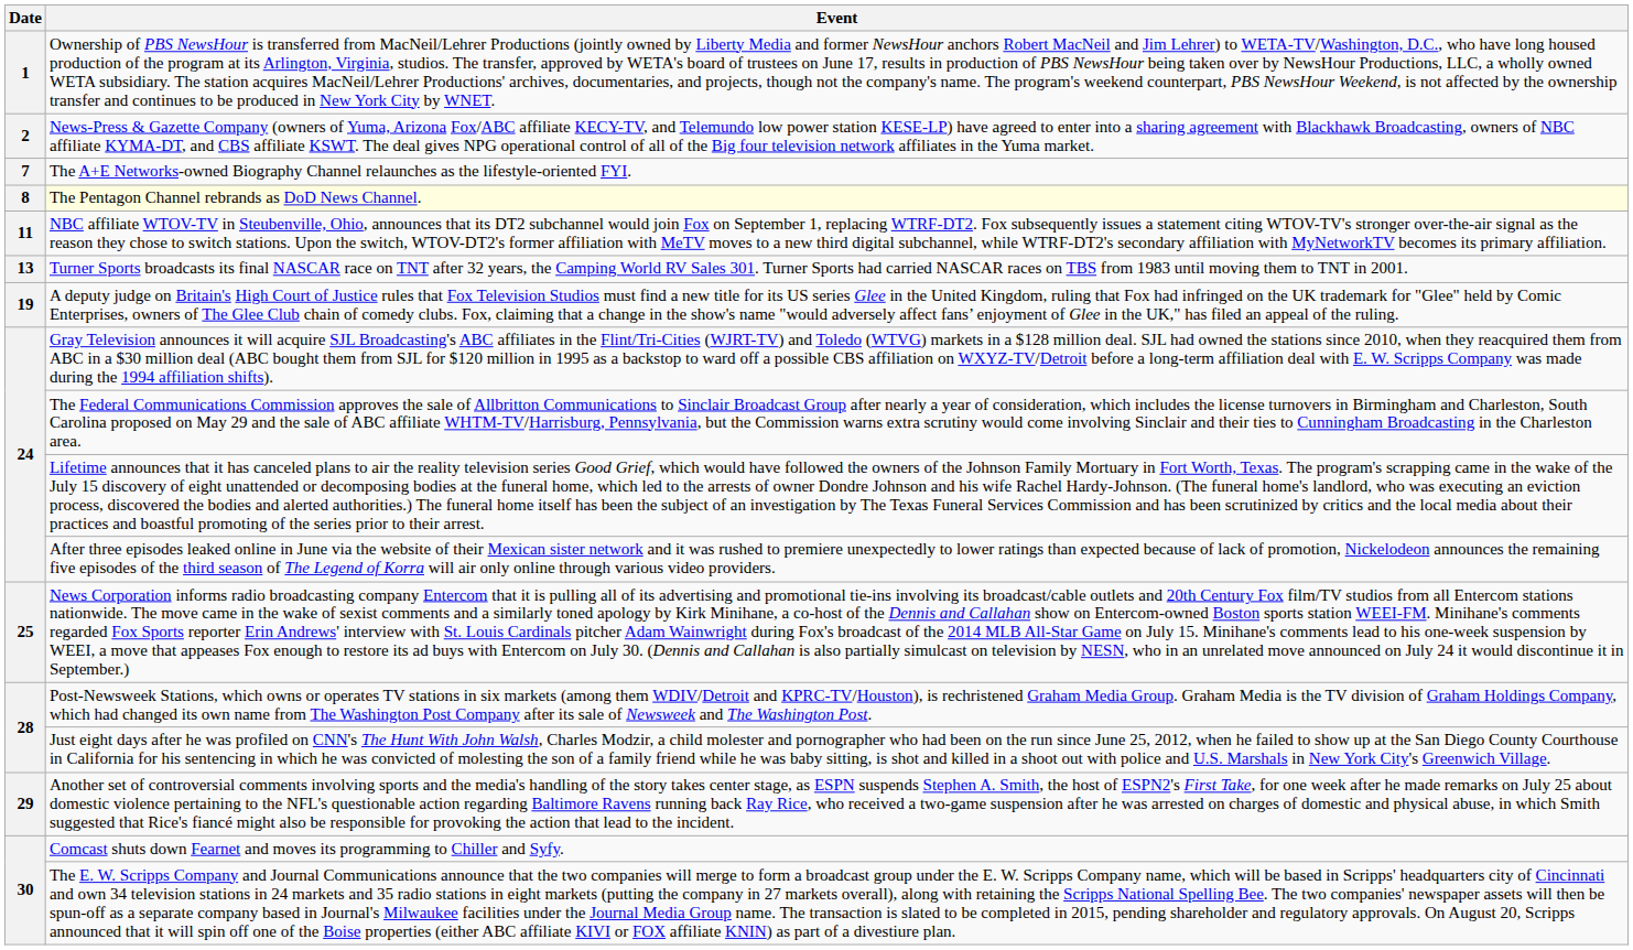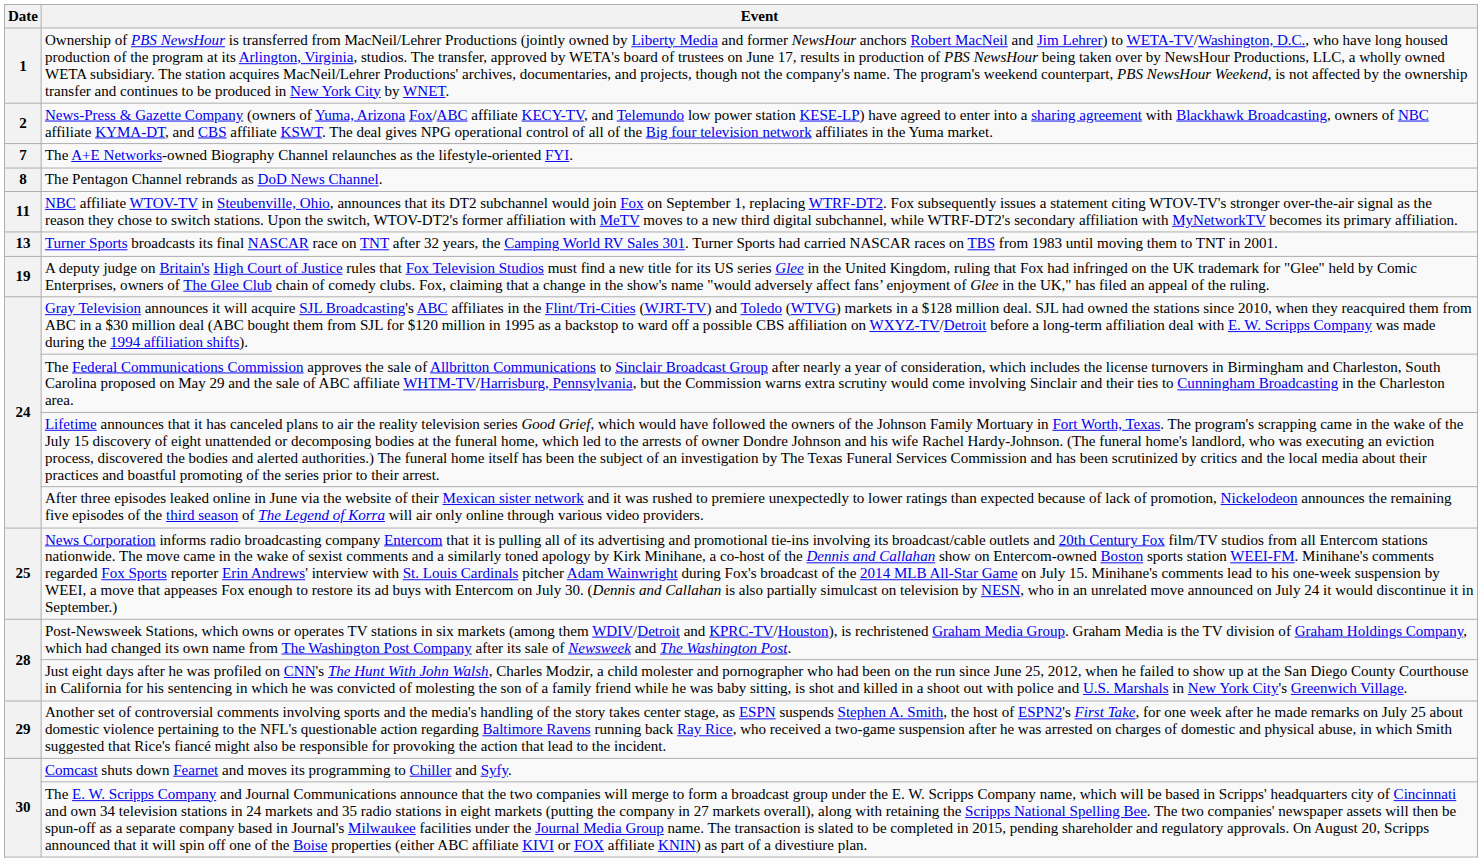 <table class="wikitable">
 <tr>
 <th>Date</th>
 <th>Event</th>
 </tr>
 <tr>
 <th>1</th>
 <td>Ownership of <em><a href='#'>PBS NewsHour</a></em> is transferred from MacNeil/Lehrer Productions (jointly owned by <a href='#'>Liberty Media</a> and former <em>NewsHour</em> anchors <a href='#'>Robert MacNeil</a> and <a href='#'>Jim Lehrer</a>) to <a href='#'>WETA-TV</a>/<a href='#'>Washington, D.C.</a>, who have long housed production of the program at its <a href='#'>Arlington, Virginia</a>, studios. The transfer, approved by WETA's board of trustees on June 17, results in production of <em>PBS NewsHour</em> being taken over by NewsHour Productions, LLC, a wholly owned WETA subsidiary. The station acquires MacNeil/Lehrer Productions' archives, documentaries, and projects, though not the company's name. The program's weekend counterpart, <em>PBS NewsHour Weekend</em>, is not affected by the ownership transfer and continues to be produced in <a href='#'>New York City</a> by <a href='#'>WNET</a>.</td>
 </tr>
 <tr>
 <th>2</th>
 <td><a href='#'>News-Press & Gazette Company</a> (owners of <a href='#'>Yuma, Arizona</a> <a href='#'>Fox</a>/<a href='#'>ABC</a> affiliate <a href='#'>KECY-TV</a>, and <a href='#'>Telemundo</a> low power station <a href='#'>KESE-LP</a>) have agreed to enter into a <a href='#'>sharing agreement</a> with <a href='#'>Blackhawk Broadcasting</a>, owners of <a href='#'>NBC</a> affiliate <a href='#'>KYMA-DT</a>, and <a href='#'>CBS</a> affiliate <a href='#'>KSWT</a>. The deal gives NPG operational control of all of the <a href='#'>Big four television network</a> affiliates in the Yuma market.</td>
 </tr>
 <tr>
 <th>7</th>
 <td>The <a href='#'>A+E Networks</a>-owned Biography Channel relaunches as the lifestyle-oriented <a href='#'>FYI</a>.</td>
 </tr>
 <tr>
 <th>8</th>
-<td style="background: lightyellow;">The Pentagon Channel rebrands as <a href='#'>DoD News Channel</a>.</td>
+<td>The Pentagon Channel rebrands as <a href='#'>DoD News Channel</a>.</td>
 </tr>
 <tr>
 <th>11</th>
 <td><a href='#'>NBC</a> affiliate <a href='#'>WTOV-TV</a> in <a href='#'>Steubenville, Ohio</a>, announces that its DT2 subchannel would join <a href='#'>Fox</a> on September 1, replacing <a href='#'>WTRF-DT2</a>. Fox subsequently issues a statement citing WTOV-TV's stronger over-the-air signal as the reason they chose to switch stations. Upon the switch, WTOV-DT2's former affiliation with <a href='#'>MeTV</a> moves to a new third digital subchannel, while WTRF-DT2's secondary affiliation with <a href='#'>MyNetworkTV</a> becomes its primary affiliation.</td>
 </tr>
 <tr>
 <th>13</th>
 <td><a href='#'>Turner Sports</a> broadcasts its final <a href='#'>NASCAR</a> race on <a href='#'>TNT</a> after 32 years, the <a href='#'>Camping World RV Sales 301</a>. Turner Sports had carried NASCAR races on <a href='#'>TBS</a> from 1983 until moving them to TNT in 2001.</td>
 </tr>
 <tr>
 <th>19</th>
 <td>A deputy judge on <a href='#'>Britain's</a> <a href='#'>High Court of Justice</a> rules that <a href='#'>Fox Television Studios</a> must find a new title for its US series <em><a href='#'>Glee</a></em> in the United Kingdom, ruling that Fox had infringed on the UK trademark for "Glee" held by Comic Enterprises, owners of <a href='#'>The Glee Club</a> chain of comedy clubs. Fox, claiming that a change in the show's name "would adversely affect fans’ enjoyment of <em>Glee</em> in the UK," has filed an appeal of the ruling.</td>
 </tr>
 <tr>
 <th rowspan=4>24</th>
 <td><a href='#'>Gray Television</a> announces it will acquire <a href='#'>SJL Broadcasting</a>'s <a href='#'>ABC</a> affiliates in the <a href='#'>Flint/Tri-Cities</a> (<a href='#'>WJRT-TV</a>) and <a href='#'>Toledo</a> (<a href='#'>WTVG</a>) markets in a $128 million deal. SJL had owned the stations since 2010, when they reacquired them from ABC in a $30 million deal (ABC bought them from SJL for $120 million in 1995 as a backstop to ward off a possible CBS affiliation on <a href='#'>WXYZ-TV</a>/<a href='#'>Detroit</a> before a long-term affiliation deal with <a href='#'>E. W. Scripps Company</a> was made during the <a href='#'>1994 affiliation shifts</a>).</td>
 </tr>
 <tr>
 <td>The <a href='#'>Federal Communications Commission</a> approves the sale of <a href='#'>Allbritton Communications</a> to <a href='#'>Sinclair Broadcast Group</a> after nearly a year of consideration, which includes the license turnovers in Birmingham and Charleston, South Carolina proposed on May 29 and the sale of ABC affiliate <a href='#'>WHTM-TV</a>/<a href='#'>Harrisburg, Pennsylvania</a>, but the Commission warns extra scrutiny would come involving Sinclair and their ties to <a href='#'>Cunningham Broadcasting</a> in the Charleston area.</td>
 </tr>
 <tr>
 <td><a href='#'>Lifetime</a> announces that it has canceled plans to air the reality television series <em>Good Grief</em>, which would have followed the owners of the Johnson Family Mortuary in <a href='#'>Fort Worth, Texas</a>. The program's scrapping came in the wake of the July 15 discovery of eight unattended or decomposing bodies at the funeral home, which led to the arrests of owner Dondre Johnson and his wife Rachel Hardy-Johnson. (The funeral home's landlord, who was executing an eviction process, discovered the bodies and alerted authorities.)  The funeral home itself has been the subject of an investigation by The Texas Funeral Services Commission and has been scrutinized by critics and the local media about their practices and boastful promoting of the series prior to their arrest.</td>
 </tr>
 <tr>
 <td>After three episodes leaked online in June via the website of their <a href='#'>Mexican sister network</a> and it was rushed to premiere unexpectedly to lower ratings than expected because of lack of promotion, <a href='#'>Nickelodeon</a> announces the remaining five episodes of the <a href='#'>third season</a> of <em><a href='#'>The Legend of Korra</a></em> will air only online through various video providers.</td>
 </tr>
 <tr>
 <th>25</th>
 <td><a href='#'>News Corporation</a> informs radio broadcasting company <a href='#'>Entercom</a> that it is pulling all of its advertising and promotional tie-ins involving its broadcast/cable outlets and <a href='#'>20th Century Fox</a> film/TV studios from all Entercom stations nationwide. The move came in the wake of sexist comments and a similarly toned apology by Kirk Minihane, a co-host of the <em><a href='#'>Dennis and Callahan</a></em> show on Entercom-owned <a href='#'>Boston</a> sports station <a href='#'>WEEI-FM</a>. Minihane's comments regarded <a href='#'>Fox Sports</a> reporter <a href='#'>Erin Andrews</a>' interview with <a href='#'>St. Louis Cardinals</a> pitcher <a href='#'>Adam Wainwright</a> during Fox's broadcast of the <a href='#'>2014 MLB All-Star Game</a> on July 15. Minihane's comments lead to his one-week suspension by WEEI, a move that appeases Fox enough to restore its ad buys with Entercom on July 30. (<em>Dennis and Callahan</em> is also partially simulcast on television by <a href='#'>NESN</a>, who in an unrelated move announced on July 24 it would discontinue it in September.)</td>
 </tr>
 <tr>
 <th rowspan=2>28</th>
 <td>Post-Newsweek Stations, which owns or operates TV stations in six markets (among them <a href='#'>WDIV</a>/<a href='#'>Detroit</a> and <a href='#'>KPRC-TV</a>/<a href='#'>Houston</a>), is rechristened <a href='#'>Graham Media Group</a>. Graham Media is the TV division of <a href='#'>Graham Holdings Company</a>, which had changed its own name from <a href='#'>The Washington Post Company</a> after its sale of <em><a href='#'>Newsweek</a></em> and <em><a href='#'>The Washington Post</a></em>.</td>
 </tr>
 <tr>
 <td>Just eight days after he was profiled on <a href='#'>CNN</a>'s <em><a href='#'>The Hunt With John Walsh</a></em>, Charles Modzir, a child molester and pornographer who had been on the run since June 25, 2012, when he failed to show up at the San Diego County Courthouse in California for his sentencing in which he was convicted of molesting the son of a family friend while he was baby sitting, is shot and killed in a shoot out with police and <a href='#'>U.S. Marshals</a> in <a href='#'>New York City</a>'s <a href='#'>Greenwich Village</a>.</td>
 </tr>
 <tr>
 <th>29</th>
 <td>Another set of controversial comments involving sports and the media's handling of the story takes center stage, as <a href='#'>ESPN</a> suspends <a href='#'>Stephen A. Smith</a>, the host of <a href='#'>ESPN2</a>'s <em><a href='#'>First Take</a></em>, for one week after he made remarks on July 25 about domestic violence pertaining to the NFL's questionable action regarding <a href='#'>Baltimore Ravens</a> running back <a href='#'>Ray Rice</a>, who received a two-game suspension after he was arrested on charges of domestic and physical abuse, in which Smith suggested that Rice's fiancé might also be responsible for provoking the action that lead to the incident.</td>
 </tr>
 <tr>
 <th rowspan=2>30</th>
 <td><a href='#'>Comcast</a> shuts down <a href='#'>Fearnet</a> and moves its programming to <a href='#'>Chiller</a> and <a href='#'>Syfy</a>.</td>
 </tr>
 <tr>
 <td>The <a href='#'>E. W. Scripps Company</a> and Journal Communications announce that the two companies will merge to form a broadcast group under the E. W. Scripps Company name, which will be based in Scripps' headquarters city of <a href='#'>Cincinnati</a> and own 34 television stations in 24 markets and 35 radio stations in eight markets (putting the company in 27 markets overall), along with retaining the <a href='#'>Scripps National Spelling Bee</a>. The two companies' newspaper assets will then be spun-off as a separate company based in Journal's <a href='#'>Milwaukee</a> facilities under the <a href='#'>Journal Media Group</a> name. The transaction is slated to be completed in 2015, pending shareholder and regulatory approvals. On August 20, Scripps announced that it will spin off one of the <a href='#'>Boise</a> properties (either ABC affiliate <a href='#'>KIVI</a> or <a href='#'>FOX</a> affiliate <a href='#'>KNIN</a>) as part of a divestiure plan.</td>
 </tr>
 </table>
